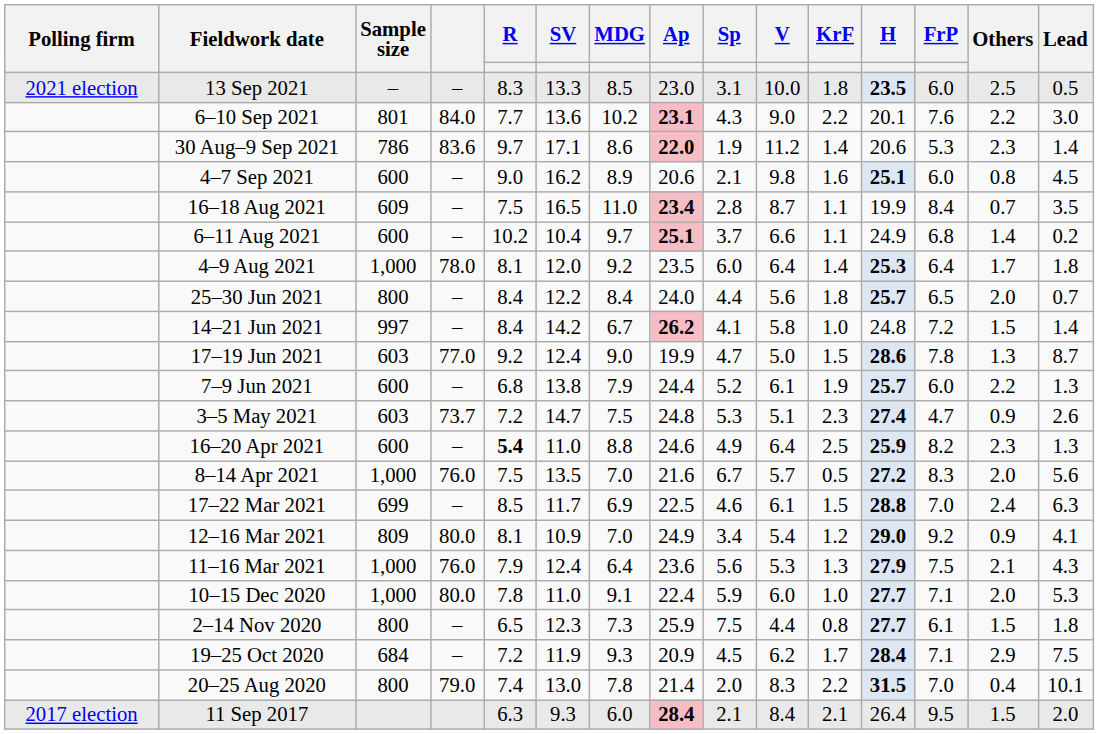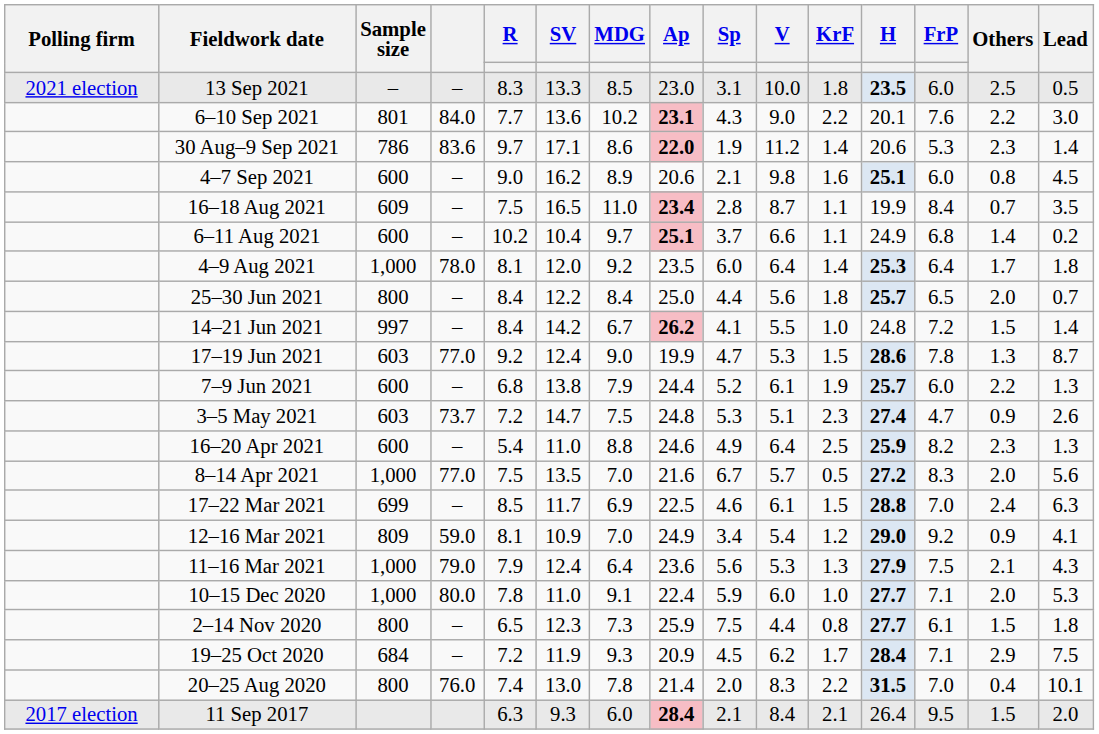 <table class="wikitable mw-collapsible sortable" style="text-align:center;font-size:90%;line-height:14px;">
 <tr style="height:40px;">
 <th rowspan="2" style="width:100px;">Polling firm</th>
 <th rowspan="2" style="width:130px;">Fieldwork date</th>
 <th rowspan="2" style="width:35px;">Sample<br>size</th>
 <th rowspan="2" style="width:30px;"></th>
 <th class="unsortable" style="width:30px;"><a href='#'>R</a></th>
 <th class="unsortable" style="width:30px;"><a href='#'>SV</a></th>
 <th class="unsortable" style="width:30px;"><a href='#'>MDG</a></th>
 <th class="unsortable" style="width:30px;"><a href='#'>Ap</a></th>
 <th class="unsortable" style="width:30px;"><a href='#'>Sp</a></th>
 <th class="unsortable" style="width:30px;"><a href='#'>V</a></th>
 <th class="unsortable" style="width:30px;"><a href='#'>KrF</a></th>
 <th class="unsortable" style="width:30px;"><a href='#'>H</a></th>
 <th class="unsortable" style="width:30px;"><a href='#'>FrP</a></th>
 <th class="unsortable" style="width:20px;" rowspan="2">Others</th>
 <th rowspan="2" style="width:30px;">Lead</th>
 </tr>
 <tr>
 <th style="background:"></th>
 <th style="background:"></th>
 <th style="background:"></th>
 <th style="background:"></th>
 <th style="background:"></th>
 <th style="background:"></th>
 <th style="background:"></th>
 <th style="background:"></th>
 <th style="background:"></th>
 </tr>
 <tr style="background:#E9E9E9;">
 <td><a href='#'>2021 election</a></td>
 <td>13 Sep 2021</td>
 <td>–</td>
 <td>–</td>
 <td>8.3</td>
 <td>13.3</td>
 <td>8.5</td>
 <td>23.0</td>
 <td>3.1</td>
 <td>10.0</td>
 <td>1.8</td>
 <td style="background:#DCE7F3;"><strong>23.5</strong></td>
 <td>6.0</td>
 <td>2.5</td>
 <td style="background:">0.5</td>
 </tr>
 <tr>
 <td></td>
 <td>6–10 Sep 2021</td>
 <td>801</td>
 <td>84.0</td>
 <td>7.7</td>
 <td>13.6</td>
 <td>10.2</td>
 <td style="background:#F7BDC5;"><strong>23.1</strong></td>
 <td>4.3</td>
 <td>9.0</td>
 <td>2.2</td>
 <td>20.1</td>
 <td>7.6</td>
 <td>2.2</td>
 <td style="background:">3.0</td>
 </tr>
 <tr>
 <td></td>
 <td>30 Aug–9 Sep 2021</td>
 <td>786</td>
 <td>83.6</td>
 <td>9.7</td>
 <td>17.1</td>
 <td>8.6</td>
 <td style="background:#F7BDC5;"><strong>22.0</strong></td>
 <td>1.9</td>
 <td>11.2</td>
 <td>1.4</td>
 <td>20.6</td>
 <td>5.3</td>
 <td>2.3</td>
 <td style="background:">1.4</td>
 </tr>
 <tr>
 <td></td>
 <td>4–7 Sep 2021</td>
 <td>600</td>
 <td>–</td>
 <td>9.0</td>
 <td>16.2</td>
 <td>8.9</td>
 <td>20.6</td>
 <td>2.1</td>
 <td>9.8</td>
 <td>1.6</td>
 <td style="background:#DCE7F3;"><strong>25.1</strong></td>
 <td>6.0</td>
 <td>0.8</td>
 <td style="background:">4.5</td>
 </tr>
 <tr>
 <td></td>
 <td>16–18 Aug 2021</td>
 <td>609</td>
 <td>–</td>
 <td>7.5</td>
 <td>16.5</td>
 <td>11.0</td>
 <td style="background:#F7BDC5;"><strong>23.4</strong></td>
 <td>2.8</td>
 <td>8.7</td>
 <td>1.1</td>
 <td>19.9</td>
 <td>8.4</td>
 <td>0.7</td>
 <td style="background:">3.5</td>
 </tr>
 <tr>
 <td></td>
 <td>6–11 Aug 2021</td>
 <td>600</td>
 <td>–</td>
 <td>10.2</td>
 <td>10.4</td>
 <td>9.7</td>
 <td style="background:#F7BDC5;"><strong>25.1</strong></td>
 <td>3.7</td>
 <td>6.6</td>
 <td>1.1</td>
 <td>24.9</td>
 <td>6.8</td>
 <td>1.4</td>
 <td style="background:">0.2</td>
 </tr>
 <tr>
 <td></td>
 <td>4–9 Aug 2021</td>
 <td>1,000</td>
 <td>78.0</td>
 <td>8.1</td>
 <td>12.0</td>
 <td>9.2</td>
 <td>23.5</td>
 <td>6.0</td>
 <td>6.4</td>
 <td>1.4</td>
 <td style="background:#DCE7F3;"><strong>25.3</strong></td>
 <td>6.4</td>
 <td>1.7</td>
 <td style="background:">1.8</td>
 </tr>
 <tr>
 <td></td>
 <td>25–30 Jun 2021</td>
 <td>800</td>
 <td>–</td>
 <td>8.4</td>
 <td>12.2</td>
 <td>8.4</td>
-<td>24.0</td>
+<td>25.0</td>
 <td>4.4</td>
 <td>5.6</td>
 <td>1.8</td>
 <td style="background:#DCE7F3;"><strong>25.7</strong></td>
 <td>6.5</td>
 <td>2.0</td>
 <td style="background:">0.7</td>
 </tr>
 <tr>
 <td></td>
 <td>14–21 Jun 2021</td>
 <td>997</td>
 <td>–</td>
 <td>8.4</td>
 <td>14.2</td>
 <td>6.7</td>
 <td style="background:#F7BDC5;"><strong>26.2</strong></td>
 <td>4.1</td>
-<td>5.8</td>
+<td>5.5</td>
 <td>1.0</td>
 <td>24.8</td>
 <td>7.2</td>
 <td>1.5</td>
 <td style="background:">1.4</td>
 </tr>
 <tr>
 <td></td>
 <td>17–19 Jun 2021</td>
 <td>603</td>
 <td>77.0</td>
 <td>9.2</td>
 <td>12.4</td>
 <td>9.0</td>
 <td>19.9</td>
 <td>4.7</td>
-<td>5.0</td>
+<td>5.3</td>
 <td>1.5</td>
 <td style="background:#DCE7F3;"><strong>28.6</strong></td>
 <td>7.8</td>
 <td>1.3</td>
 <td style="background:">8.7</td>
 </tr>
 <tr>
 <td></td>
 <td>7–9 Jun 2021</td>
 <td>600</td>
 <td>–</td>
 <td>6.8</td>
 <td>13.8</td>
 <td>7.9</td>
 <td>24.4</td>
 <td>5.2</td>
 <td>6.1</td>
 <td>1.9</td>
 <td style="background:#DCE7F3;"><strong>25.7</strong></td>
 <td>6.0</td>
 <td>2.2</td>
 <td style="background:">1.3</td>
 </tr>
 <tr>
 <td></td>
 <td>3–5 May 2021</td>
 <td>603</td>
 <td>73.7</td>
 <td>7.2</td>
 <td>14.7</td>
 <td>7.5</td>
 <td>24.8</td>
 <td>5.3</td>
 <td>5.1</td>
 <td>2.3</td>
 <td style="background:#DCE7F3;"><strong>27.4</strong></td>
 <td>4.7</td>
 <td>0.9</td>
 <td style="background:">2.6</td>
 </tr>
 <tr>
 <td></td>
 <td>16–20 Apr 2021</td>
 <td>600</td>
 <td>–</td>
-<td><strong>5.4</strong></td>
+<td>5.4</td>
 <td>11.0</td>
 <td>8.8</td>
 <td>24.6</td>
 <td>4.9</td>
 <td>6.4</td>
 <td>2.5</td>
 <td style="background:#DCE7F3;"><strong>25.9</strong></td>
 <td>8.2</td>
 <td>2.3</td>
 <td style="background:">1.3</td>
 </tr>
 <tr>
 <td></td>
 <td data-sort-value="2017-12-20">8–14 Apr 2021</td>
 <td>1,000</td>
-<td>76.0</td>
+<td>77.0</td>
 <td>7.5</td>
 <td>13.5</td>
 <td>7.0</td>
 <td>21.6</td>
 <td>6.7</td>
 <td>5.7</td>
 <td>0.5</td>
 <td style="background:#DCE7F3;"><strong>27.2</strong></td>
 <td>8.3</td>
 <td>2.0</td>
 <td style="background:">5.6</td>
 </tr>
 <tr>
 <td></td>
 <td>17–22 Mar 2021</td>
 <td>699</td>
 <td>–</td>
 <td>8.5</td>
 <td>11.7</td>
 <td>6.9</td>
 <td>22.5</td>
 <td>4.6</td>
 <td>6.1</td>
 <td>1.5</td>
 <td style="background:#DCE7F3;"><strong>28.8</strong></td>
 <td>7.0</td>
 <td>2.4</td>
 <td style="background:">6.3</td>
 </tr>
 <tr>
 <td></td>
 <td>12–16 Mar 2021</td>
 <td>809</td>
-<td>80.0</td>
+<td>59.0</td>
 <td>8.1</td>
 <td>10.9</td>
 <td>7.0</td>
 <td>24.9</td>
 <td>3.4</td>
 <td>5.4</td>
 <td>1.2</td>
 <td style="background:#DCE7F3;"><strong>29.0</strong></td>
 <td>9.2</td>
 <td>0.9</td>
 <td style="background:">4.1</td>
 </tr>
 <tr>
 <td></td>
 <td>11–16 Mar 2021</td>
 <td>1,000</td>
-<td>76.0</td>
+<td>79.0</td>
 <td>7.9</td>
 <td>12.4</td>
 <td>6.4</td>
 <td>23.6</td>
 <td>5.6</td>
 <td>5.3</td>
 <td>1.3</td>
 <td style="background:#DCE7F3;"><strong>27.9</strong></td>
 <td>7.5</td>
 <td>2.1</td>
 <td style="background:">4.3</td>
 </tr>
 <tr>
 <td></td>
 <td>10–15 Dec 2020</td>
 <td>1,000</td>
 <td>80.0</td>
 <td>7.8</td>
 <td>11.0</td>
 <td>9.1</td>
 <td>22.4</td>
 <td>5.9</td>
 <td>6.0</td>
 <td>1.0</td>
 <td style="background:#DCE7F3;"><strong>27.7</strong></td>
 <td>7.1</td>
 <td>2.0</td>
 <td style="background:">5.3</td>
 </tr>
 <tr>
 <td></td>
 <td>2–14 Nov 2020</td>
 <td>800</td>
 <td>–</td>
 <td>6.5</td>
 <td>12.3</td>
 <td>7.3</td>
 <td>25.9</td>
 <td>7.5</td>
 <td>4.4</td>
 <td>0.8</td>
 <td style="background:#DCE7F3;"><strong>27.7</strong></td>
 <td>6.1</td>
 <td>1.5</td>
 <td style="background:">1.8</td>
 </tr>
 <tr>
 <td></td>
 <td>19–25 Oct 2020</td>
 <td>684</td>
 <td>–</td>
 <td>7.2</td>
 <td>11.9</td>
 <td>9.3</td>
 <td>20.9</td>
 <td>4.5</td>
 <td>6.2</td>
 <td>1.7</td>
 <td style="background:#DCE7F3;"><strong>28.4</strong></td>
 <td>7.1</td>
 <td>2.9</td>
 <td style="background:">7.5</td>
 </tr>
 <tr>
 <td></td>
 <td>20–25 Aug 2020</td>
 <td>800</td>
-<td>79.0</td>
+<td>76.0</td>
 <td>7.4</td>
 <td>13.0</td>
 <td>7.8</td>
 <td>21.4</td>
 <td>2.0</td>
 <td>8.3</td>
 <td>2.2</td>
 <td style="background:#DCE7F3;"><strong>31.5</strong></td>
 <td>7.0</td>
 <td>0.4</td>
 <td style="background:">10.1</td>
 </tr>
 <tr style="background:#E9E9E9;">
 <td><a href='#'>2017 election</a></td>
 <td>11 Sep 2017</td>
 <td></td>
 <td></td>
 <td>6.3</td>
 <td>9.3</td>
 <td>6.0</td>
 <td style="background:#F7BDC5;"><strong>28.4</strong></td>
 <td>2.1</td>
 <td>8.4</td>
 <td>2.1</td>
 <td>26.4</td>
 <td>9.5</td>
 <td>1.5</td>
 <td style="background:">2.0</td>
 </tr>
 </table>
